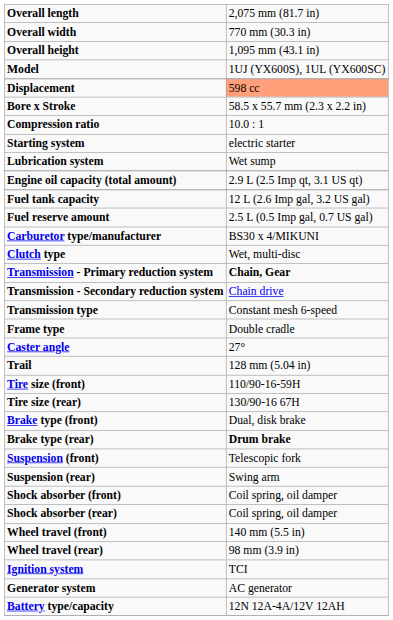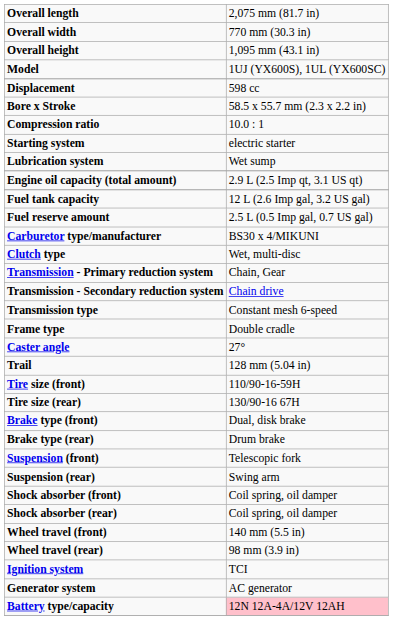 <table class="wikitable">
 <tr>
 <td><strong>Overall length</strong></td>
 <td>2,075 mm (81.7 in)</td>
 </tr>
 <tr>
 <td><strong>Overall width</strong></td>
 <td>770 mm (30.3 in)</td>
 </tr>
 <tr>
 <td><strong>Overall height</strong></td>
 <td>1,095 mm (43.1 in)</td>
 </tr>
 <tr>
 <td><strong>Model</strong></td>
 <td>1UJ (YX600S), 1UL (YX600SC)</td>
 </tr>
 <tr>
 </tr>
 <tr>
 <td><strong>Displacement</strong></td>
-<td style="background: lightsalmon;">598 cc</td>
+<td>598 cc</td>
 </tr>
 <tr>
 <td><strong>Bore x Stroke</strong></td>
 <td>58.5 x 55.7 mm (2.3 x 2.2 in)</td>
 </tr>
 <tr>
 <td><strong>Compression ratio</strong></td>
 <td>10.0 : 1</td>
 </tr>
 <tr>
 <td><strong>Starting system</strong></td>
 <td>electric starter</td>
 </tr>
 <tr>
 <td><strong>Lubrication system</strong></td>
 <td>Wet sump</td>
 </tr>
 <tr>
 </tr>
 <tr>
 <td><strong>Engine oil capacity (total amount)</strong></td>
 <td>2.9 L (2.5 Imp qt, 3.1 US qt)</td>
 </tr>
 <tr>
 </tr>
 <tr>
 </tr>
 <tr>
 <td><strong>Fuel tank capacity</strong></td>
 <td>12 L (2.6 Imp gal, 3.2 US gal)</td>
 </tr>
 <tr>
 <td><strong>Fuel reserve amount</strong></td>
 <td>2.5 L (0.5 Imp gal, 0.7 US gal)</td>
 </tr>
 <tr>
 <td><strong><a href='#'>Carburetor</a> type/manufacturer</strong></td>
 <td>BS30 x 4/MIKUNI</td>
 </tr>
 <tr>
 <td><strong><a href='#'>Clutch</a> type</strong></td>
 <td>Wet, multi-disc</td>
 </tr>
 <tr>
 <td><strong><a href='#'>Transmission</a> - Primary reduction system</strong></td>
-<td><strong>Chain, Gear</strong></td>
+<td>Chain, Gear</td>
 </tr>
 <tr>
 <td><strong>Transmission - Secondary reduction system</strong></td>
 <td><a href='#'>Chain drive</a></td>
 </tr>
 <tr>
 <td><strong>Transmission type</strong></td>
 <td>Constant mesh 6-speed</td>
 </tr>
 <tr>
 <td><strong>Frame type</strong></td>
 <td>Double cradle</td>
 </tr>
 <tr>
 <td><strong><a href='#'>Caster angle</a></strong></td>
 <td>27°</td>
 </tr>
 <tr>
 <td><strong>Trail</strong></td>
 <td>128 mm (5.04 in)</td>
 </tr>
 <tr>
 <td><strong><a href='#'>Tire</a> size (front)</strong></td>
 <td>110/90-16-59H</td>
 </tr>
 <tr>
 <td><strong>Tire size (rear)</strong></td>
 <td>130/90-16 67H</td>
 </tr>
 <tr>
 <td><strong><a href='#'>Brake</a> type (front)</strong></td>
 <td>Dual, disk brake</td>
 </tr>
 <tr>
 <td><strong>Brake type (rear)</strong></td>
-<td><strong>Drum brake</strong></td>
+<td>Drum brake</td>
 </tr>
 <tr>
 <td><strong><a href='#'>Suspension</a> (front)</strong></td>
 <td>Telescopic fork</td>
 </tr>
 <tr>
 <td><strong>Suspension (rear)</strong></td>
 <td>Swing arm</td>
 </tr>
 <tr>
 <td><strong>Shock absorber (front)</strong></td>
 <td>Coil spring, oil damper</td>
 </tr>
 <tr>
 <td><strong>Shock absorber (rear)</strong></td>
 <td>Coil spring, oil damper</td>
 </tr>
 <tr>
 <td><strong>Wheel travel (front)</strong></td>
 <td>140 mm (5.5 in)</td>
 </tr>
 <tr>
 <td><strong>Wheel travel (rear)</strong></td>
 <td>98 mm (3.9 in)</td>
 </tr>
 <tr>
 <td><strong><a href='#'>Ignition system</a></strong></td>
 <td>TCI</td>
 </tr>
 <tr>
 <td><strong>Generator system</strong></td>
 <td>AC generator</td>
 </tr>
 <tr>
 <td><strong><a href='#'>Battery</a> type/capacity</strong></td>
-<td>12N 12A-4A/12V 12AH</td>
+<td style="background: pink;">12N 12A-4A/12V 12AH</td>
 </tr>
 <tr>
 </tr>
 </table>
